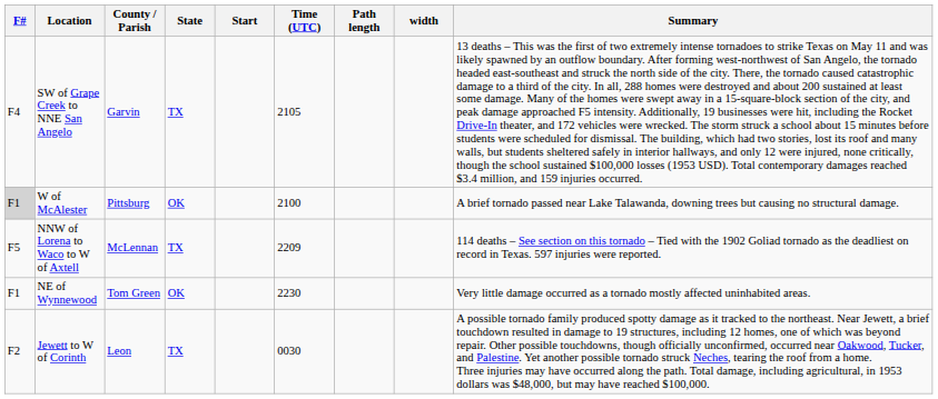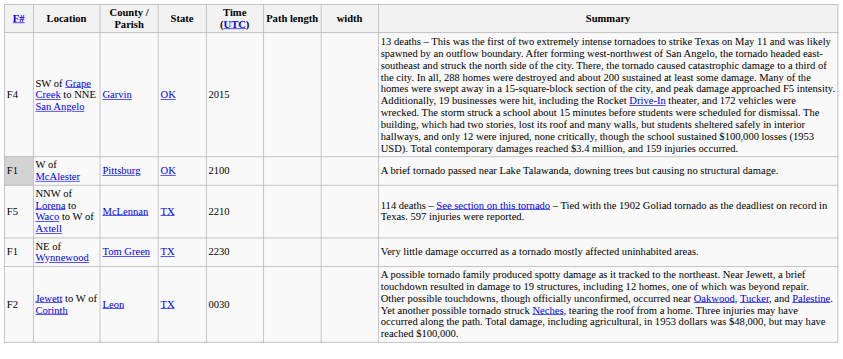 <table class="wikitable sortable" style="width:100%;">
 <tr>
 <th scope="col"  style="width:3%; text-align:center;"><a href='#'>F#</a></th>
 <th scope="col"  style="width:7%; text-align:center;" class="unsortable">Location</th>
 <th scope="col"  style="width:6%; text-align:center;" class="unsortable">County / Parish</th>
 <th scope="col"  style="width:5%; text-align:center;">State</th>
-<th scope="col"  style="width:6%; text-align:center;">Start </th>
 <th scope="col"  style="width:6%; text-align:center;">Time (<a href='#'>UTC</a>)</th>
 <th scope="col"  style="width:6%; text-align:center;">Path length</th>
 <th scope="col"  style="width:6%; text-align:center;"> width</th>
 <th scope="col" class="unsortable" style="width:48%; text-align:center;">Summary</th>
 </tr>
 <tr>
 <td>F4</td>
 <td>SW of <a href='#'>Grape Creek</a> to NNE <a href='#'>San Angelo</a></td>
 <td><a href='#'>Garvin</a></td>
-<td><a href='#'>TX</a></td>
-<td></td>
-<td>2105</td>
+<td><a href='#'>OK</a></td>
+<td>2015</td>
 <td></td>
 <td></td>
 <td>13 deaths – This was the first of two extremely intense tornadoes to strike Texas on May 11 and was likely spawned by an outflow boundary. After forming west-northwest of San Angelo, the tornado headed east-southeast and struck the north side of the city. There, the tornado caused catastrophic damage to a third of the city. In all, 288 homes were destroyed and about 200 sustained at least some damage. Many of the homes were swept away in a 15-square-block section of the city, and peak damage approached F5 intensity. Additionally, 19 businesses were hit, including the Rocket <a href='#'>Drive-In</a> theater, and 172 vehicles were wrecked. The storm struck a school about 15 minutes before students were scheduled for dismissal. The building, which had two stories, lost its roof and many walls, but students sheltered safely in interior hallways, and only 12 were injured, none critically, though the school sustained $100,000 losses (1953 USD). Total contemporary damages reached $3.4 million, and 159 injuries occurred.</td>
 </tr>
 <tr>
 <td style="background: lightgrey;">F1</td>
 <td>W of <a href='#'>McAlester</a></td>
 <td><a href='#'>Pittsburg</a></td>
 <td><a href='#'>OK</a></td>
-<td></td>
 <td>2100</td>
 <td></td>
 <td></td>
 <td>A brief tornado passed near Lake Talawanda, downing trees but causing no structural damage.</td>
 </tr>
 <tr>
 <td>F5</td>
 <td>NNW of <a href='#'>Lorena</a> to <a href='#'>Waco</a> to W of <a href='#'>Axtell</a></td>
 <td><a href='#'>McLennan</a></td>
 <td><a href='#'>TX</a></td>
-<td></td>
-<td>2209</td>
+<td>2210</td>
 <td></td>
 <td></td>
 <td>114 deaths – <a href='#'>See section on this tornado</a> – Tied with the 1902 Goliad tornado as the deadliest on record in Texas. 597 injuries were reported.</td>
 </tr>
 <tr>
 <td>F1</td>
 <td>NE of <a href='#'>Wynnewood</a></td>
 <td><a href='#'>Tom Green</a></td>
-<td><a href='#'>OK</a></td>
-<td></td>
+<td><a href='#'>TX</a></td>
 <td>2230</td>
 <td></td>
 <td></td>
 <td>Very little damage occurred as a tornado mostly affected uninhabited areas.</td>
 </tr>
 <tr>
 <td>F2</td>
 <td><a href='#'>Jewett</a> to W of <a href='#'>Corinth</a></td>
 <td><a href='#'>Leon</a></td>
 <td><a href='#'>TX</a></td>
-<td></td>
 <td>0030</td>
 <td></td>
 <td></td>
 <td>A possible tornado family produced spotty damage as it tracked to the northeast. Near Jewett, a brief touchdown resulted in damage to 19 structures, including 12 homes, one of which was beyond repair. Other possible touchdowns, though officially unconfirmed, occurred near <a href='#'>Oakwood</a>, <a href='#'>Tucker</a>, and <a href='#'>Palestine</a>. Yet another possible tornado struck <a href='#'>Neches</a>, tearing the roof from a home. Three injuries may have occurred along the path. Total damage, including agricultural, in 1953 dollars was $48,000, but may have reached $100,000.</td>
 </tr>
 </table>
